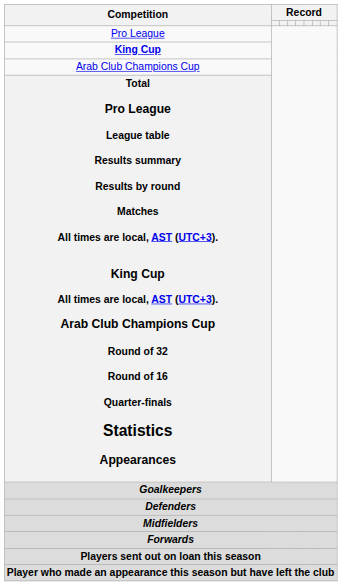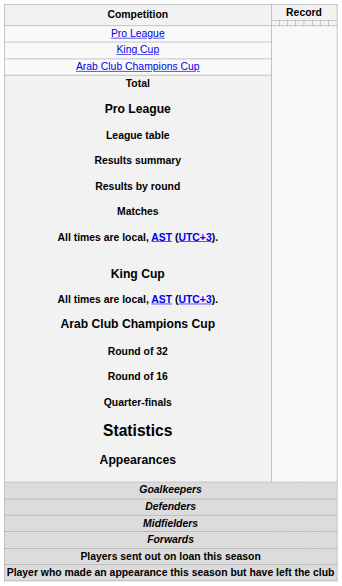 <table class="wikitable" style="text-align: center">
 <tr>
 <th rowspan=2>Competition</th>
 <th colspan=8>Record</th>
 </tr>
 <tr>
 <th></th>
 <th></th>
 <th></th>
 <th></th>
 <th></th>
 <th></th>
 <th></th>
 <th></th>
 </tr>
 <tr>
 <td><a href='#'>Pro League</a><br></td>
 </tr>
 <tr>
-<td><strong><a href='#'>King Cup</a><br></strong></td>
+<td><a href='#'>King Cup</a><br></td>
 </tr>
 <tr>
 <td><a href='#'>Arab Club Champions Cup</a><br></td>
 </tr>
 <tr>
 <th>Total<br> <h3>Pro League</h3><h4>League table</h4><h4>Results summary</h4> <h4>Results by round</h4><h4>Matches</h4>All times are local, <a href='#'>AST</a> (<a href='#'>UTC+3</a>).<br>   <br>                              <h3>King Cup</h3> All times are local, <a href='#'>AST</a> (<a href='#'>UTC+3</a>).<br> <h3>Arab Club Champions Cup</h3><h4>Round of 32</h4> <h4>Round of 16</h4> <h4>Quarter-finals</h4>  <h2>Statistics</h2><h3>Appearances</h3></th>
 </tr>
 <tr>
 <th colspan=12 style=background:#dcdcdc; text-align:center><em>Goalkeepers</em><br>  </th>
 </tr>
 <tr>
 <th colspan=12 style=background:#dcdcdc; text-align:center><em>Defenders</em><br>         </th>
 </tr>
 <tr>
 <th colspan=12 style=background:#dcdcdc; text-align:center><em>Midfielders</em><br>             </th>
 </tr>
 <tr>
 <th colspan=12 style=background:#dcdcdc; text-align:center><em>Forwards</em><br>   </th>
 </tr>
 <tr>
 <th colspan=14 style=background:#dcdcdc; text-align:center>Players sent out on loan this season<br>    </th>
 </tr>
 <tr>
 <th colspan=18 style=background:#dcdcdc; text-align:center>Player who made an appearance this season but have left the club<br>   </th>
 </tr>
 </table>
